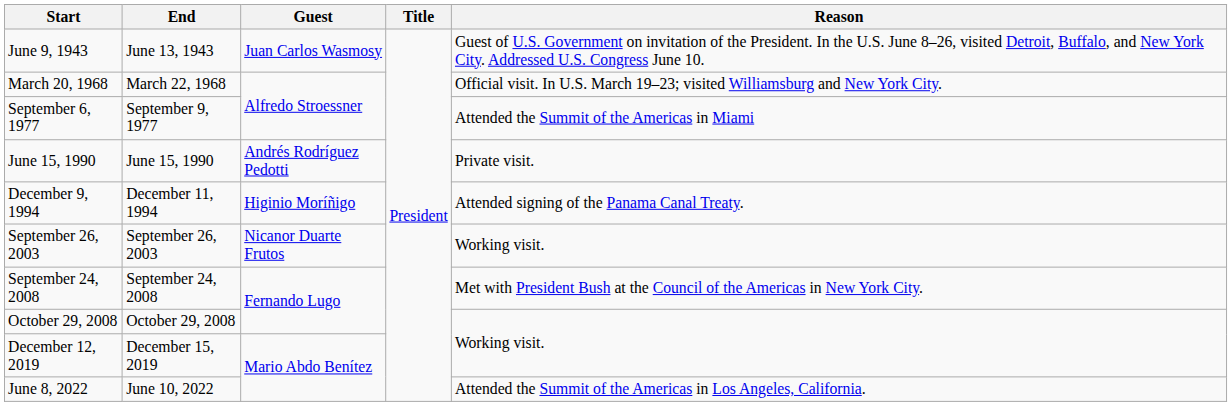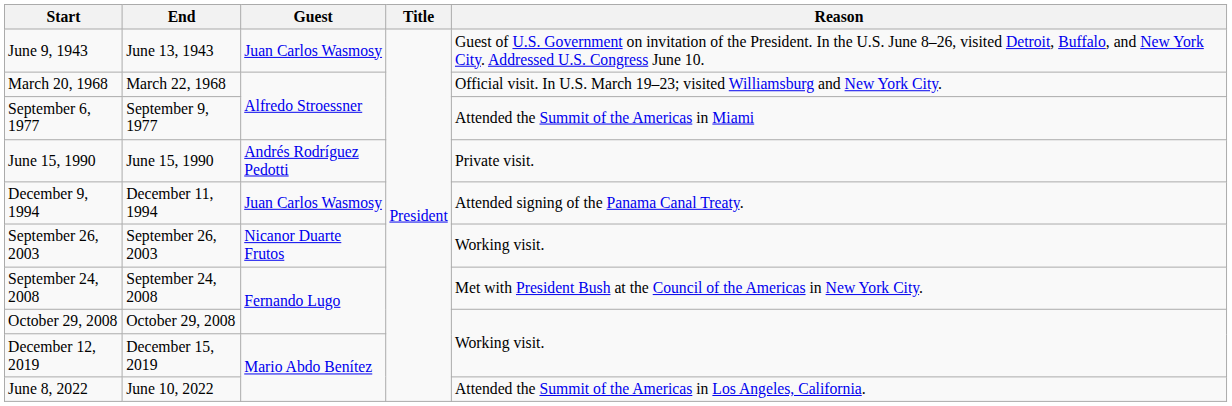 <table class="wikitable sortable">
 <tr>
 <th>Start</th>
 <th>End</th>
 <th>Guest</th>
 <th>Title</th>
 <th>Reason</th>
 </tr>
 <tr>
 <td>June 9, 1943</td>
 <td>June 13, 1943</td>
 <td><a href='#'>Juan Carlos Wasmosy</a></td>
 <td rowspan="10"><a href='#'>President</a></td>
 <td>Guest of <a href='#'>U.S. Government</a> on invitation of the President. In the U.S. June 8–26, visited <a href='#'>Detroit</a>, <a href='#'>Buffalo</a>, and <a href='#'>New York City</a>. <a href='#'>Addressed U.S. Congress</a> June 10.</td>
 </tr>
 <tr>
 <td>March 20, 1968</td>
 <td>March 22, 1968</td>
 <td rowspan=2><a href='#'>Alfredo Stroessner</a></td>
 <td>Official visit. In U.S. March 19–23; visited <a href='#'>Williamsburg</a> and <a href='#'>New York City</a>.</td>
 </tr>
 <tr>
 <td>September 6, 1977</td>
 <td>September 9, 1977</td>
 <td>Attended the <a href='#'>Summit of the Americas</a> in <a href='#'>Miami</a></td>
 </tr>
 <tr>
 <td>June 15, 1990</td>
 <td>June 15, 1990</td>
 <td><a href='#'>Andrés Rodríguez Pedotti</a></td>
 <td>Private visit.</td>
 </tr>
 <tr>
 <td>December 9, 1994</td>
 <td>December 11, 1994</td>
-<td><a href='#'>Higinio Moríñigo</a></td>
+<td><a href='#'>Juan Carlos Wasmosy</a></td>
 <td>Attended signing of the <a href='#'>Panama Canal Treaty</a>.</td>
 </tr>
 <tr>
 <td>September 26, 2003</td>
 <td>September 26, 2003</td>
 <td><a href='#'>Nicanor Duarte Frutos</a></td>
 <td>Working visit.</td>
 </tr>
 <tr>
 <td>September 24, 2008</td>
 <td>September 24, 2008</td>
 <td rowspan=2><a href='#'>Fernando Lugo</a></td>
 <td>Met with <a href='#'>President Bush</a> at the <a href='#'>Council of the Americas</a> in <a href='#'>New York City</a>.</td>
 </tr>
 <tr>
 <td>October 29, 2008</td>
 <td>October 29, 2008</td>
 <td rowspan=2>Working visit.</td>
 </tr>
 <tr>
 <td>December 12, 2019</td>
 <td>December 15, 2019</td>
 <td rowspan=2><a href='#'>Mario Abdo Benítez</a></td>
 </tr>
 <tr>
 <td>June 8, 2022</td>
 <td>June 10, 2022</td>
 <td>Attended the <a href='#'>Summit of the Americas</a> in <a href='#'>Los Angeles, California</a>.</td>
 </tr>
 </table>
